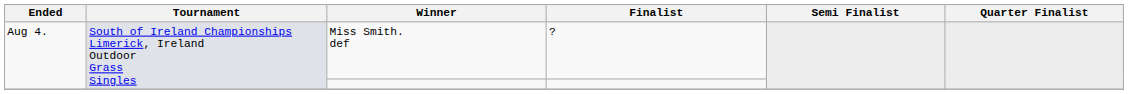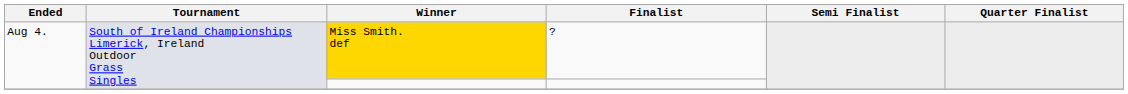 <table class="wikitable" style="font-size:85%;">
 <tr>
 <th width="75">Ended</th>
 <th width="230">Tournament</th>
 <th width="210">Winner</th>
 <th width="210">Finalist</th>
 <th width="170">Semi Finalist</th>
 <th width="170">Quarter Finalist</th>
 </tr>
 <tr valign=top>
 <td rowspan=2>Aug 4.</td>
 <td style="background:#dfe2e9" rowspan=2><a href='#'>South of Ireland Championships</a><br><a href='#'>Limerick</a>, Ireland<br>Outdoor<br><a href='#'>Grass</a><br><a href='#'>Singles</a></td>
-<td> Miss Smith.<br>def</td>
+<td style="background: gold;"> Miss Smith.<br>def</td>
 <td> ?</td>
 <td style="background:#ededed;" rowspan=2></td>
 <td style="background:#ededed;" rowspan=2></td>
 </tr>
 <tr valign=top>
 <td></td>
 <td></td>
 </tr>
 <tr valign=top>
 </tr>
 </table>
